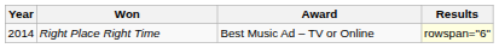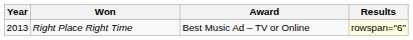 <table class="wikitable" style="width:75%;">
 <tr>
 <th width=5%>Year</th>
 <th style="width:40%;">Won</th>
 <th style="width:45%;">Award</th>
 <th style="width:10%;">Results</th>
 </tr>
 <tr>
-<td>2014</td>
+<td>2013</td>
 <td><em>Right Place Right Time</em></td>
 <td>Best Music Ad – TV or Online</td>
 <td style="background: lightyellow;">rowspan="6" </td>
 </tr>
 </table>
